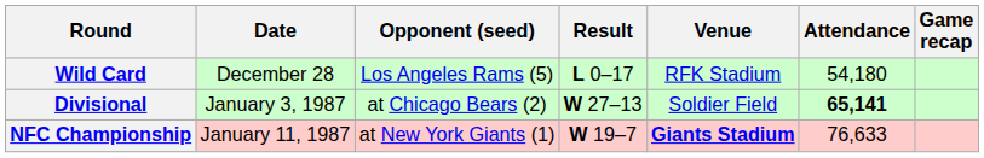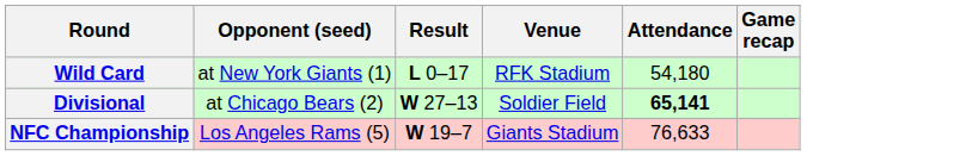 <table class="wikitable" style="text-align:center">
 <tr>
 <th>Round</th>
-<th>Date</th>
 <th>Opponent (seed)</th>
 <th>Result</th>
 <th>Venue</th>
 <th>Attendance</th>
 <th>Game<br>recap</th>
 </tr>
 <tr style="background:#cfc">
 <th><a href='#'>Wild Card</a></th>
-<td>December 28</td>
-<td><a href='#'>Los Angeles Rams</a> (5)</td>
+<td>at <a href='#'>New York Giants</a> (1)</td>
 <td><strong>L</strong> 0–17</td>
 <td><a href='#'>RFK Stadium</a></td>
 <td>54,180</td>
 <td></td>
 </tr>
 <tr style="background:#cfc">
 <th><a href='#'>Divisional</a></th>
-<td>January 3, 1987</td>
 <td>at <a href='#'>Chicago Bears</a> (2)</td>
 <td><strong>W</strong> 27–13</td>
 <td><a href='#'>Soldier Field</a></td>
 <td><strong>65,141</strong></td>
 <td></td>
 </tr>
 <tr style="background:#fcc">
 <th><a href='#'>NFC Championship</a></th>
-<td>January 11, 1987</td>
-<td>at <a href='#'>New York Giants</a> (1)</td>
+<td><a href='#'>Los Angeles Rams</a> (5)</td>
 <td><strong>W</strong> 19–7</td>
-<td><strong><a href='#'>Giants Stadium</a></strong></td>
+<td><a href='#'>Giants Stadium</a></td>
 <td>76,633</td>
 <td></td>
 </tr>
 </table>
